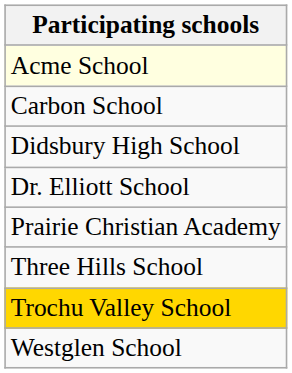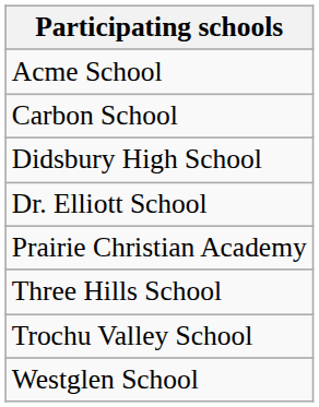 <table class="wikitable" align=right>
 <tr>
 <th>Participating schools</th>
 </tr>
 <tr>
-<td style="background: lightyellow;">Acme School</td>
+<td>Acme School</td>
 </tr>
 <tr>
 <td>Carbon School</td>
 </tr>
 <tr>
 <td>Didsbury High School</td>
 </tr>
 <tr>
 <td>Dr. Elliott School</td>
 </tr>
 <tr>
 <td>Prairie Christian Academy</td>
 </tr>
 <tr>
 <td>Three Hills School</td>
 </tr>
 <tr>
-<td style="background: gold;">Trochu Valley School</td>
+<td>Trochu Valley School</td>
 </tr>
 <tr>
 <td>Westglen School</td>
 </tr>
 </table>
